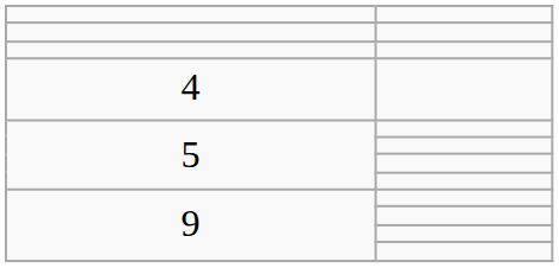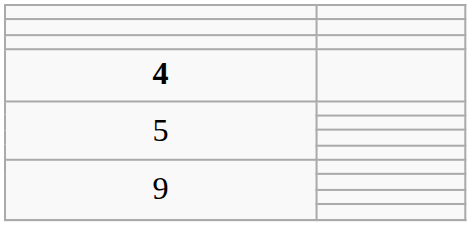 <table class="wikitable" width="230px">
 <tr>
 <td align=center></td>
 <td></td>
 </tr>
 <tr>
 <td align=center></td>
 <td></td>
 </tr>
 <tr>
 <td align=center></td>
 <td></td>
 </tr>
 <tr>
-<td align=center>4</td>
+<td align=center><strong>4</strong></td>
 <td></td>
 </tr>
 <tr>
 <td rowspan=4 align=center>5</td>
 <td align"left"></td>
 </tr>
 <tr>
 <td align"left"></td>
 </tr>
 <tr>
 <td align"left"></td>
 </tr>
 <tr>
 <td align"left"></td>
 </tr>
 <tr>
 <td rowspan=4 align=center>9</td>
 <td align"left"></td>
 </tr>
 <tr>
 <td align"left"></td>
 </tr>
 <tr>
 <td align"left"></td>
 </tr>
 <tr>
 <td align"left"></td>
 </tr>
 <tr>
 </tr>
 </table>
